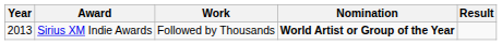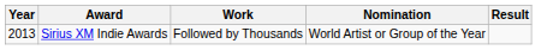 <table class="wikitable">
 <tr>
 <th>Year</th>
 <th>Award</th>
 <th>Work</th>
 <th>Nomination</th>
 <th>Result</th>
 </tr>
 <tr>
 <td rowspan="6">2013</td>
 <td rowspan="2" style="text-align:center;"><a href='#'>Sirius XM</a> Indie Awards</td>
 <td align=center>Followed by Thousands</td>
-<td align=center><strong>World Artist or Group of the Year</strong></td>
+<td align=center>World Artist or Group of the Year</td>
 <td></td>
 </tr>
 </table>
